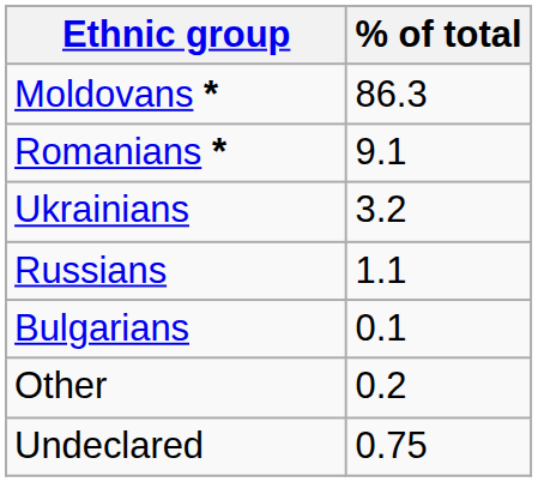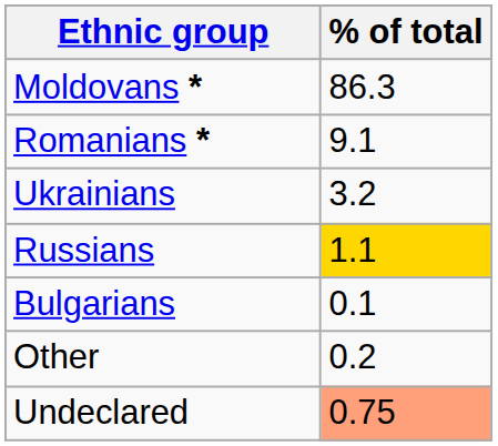 <table class="wikitable sortable">
 <tr>
 <th style="width:140px;"><a href='#'>Ethnic group</a></th>
 <th>% of total</th>
 </tr>
 <tr>
 <td><a href='#'>Moldovans</a> <strong>*</strong></td>
 <td>86.3</td>
 </tr>
 <tr>
 <td><a href='#'>Romanians</a> <strong>*</strong></td>
 <td>9.1</td>
 </tr>
 <tr>
 <td><a href='#'>Ukrainians</a></td>
 <td>3.2</td>
 </tr>
 <tr>
 <td><a href='#'>Russians</a></td>
-<td>1.1</td>
+<td style="background: gold;">1.1</td>
 </tr>
 <tr>
 <td><a href='#'>Bulgarians</a></td>
 <td>0.1</td>
 </tr>
 <tr>
 <td>Other</td>
 <td>0.2</td>
 </tr>
 <tr>
 <td>Undeclared</td>
-<td>0.75</td>
+<td style="background: lightsalmon;">0.75</td>
 </tr>
 </table>
